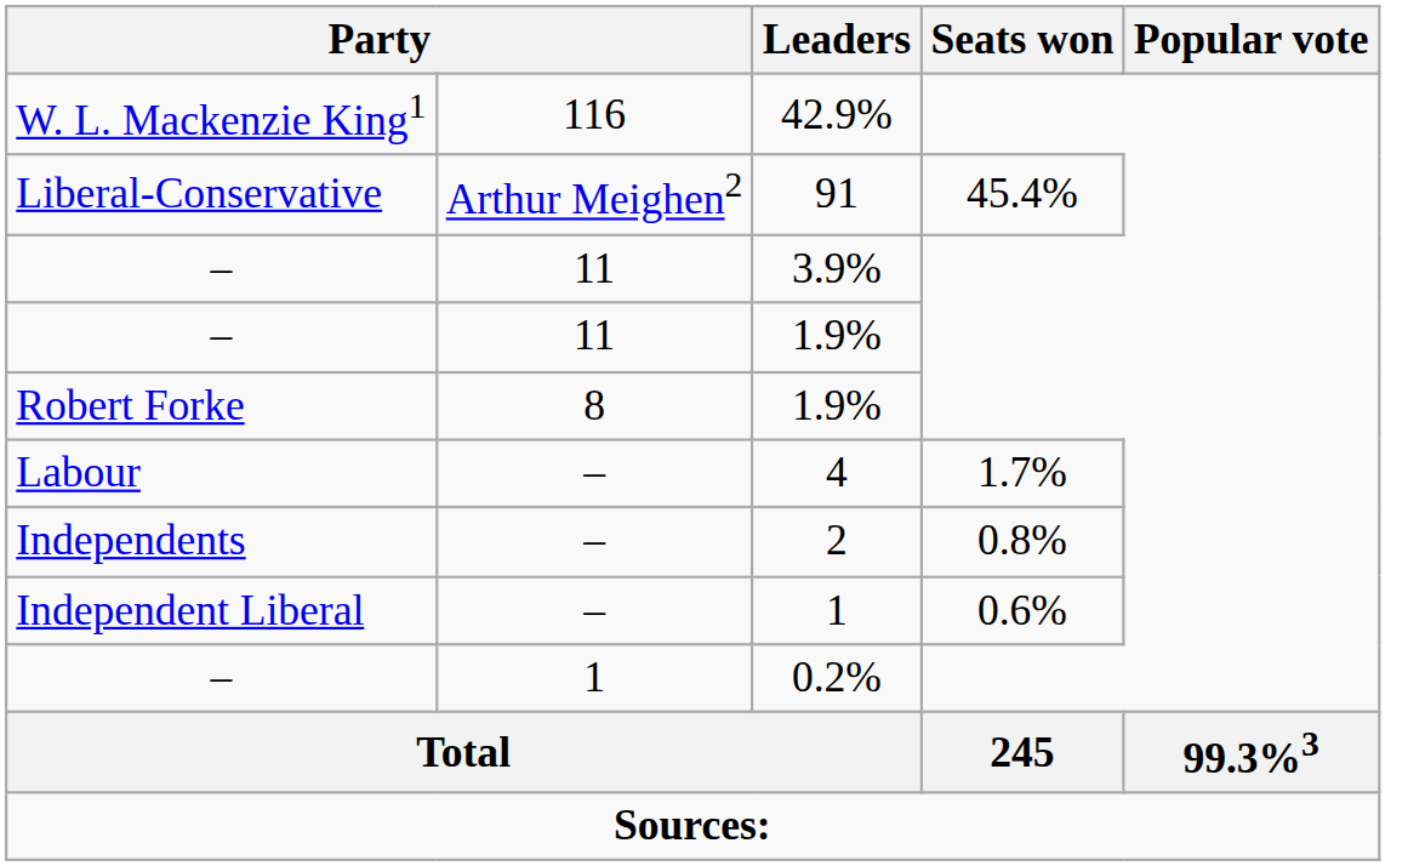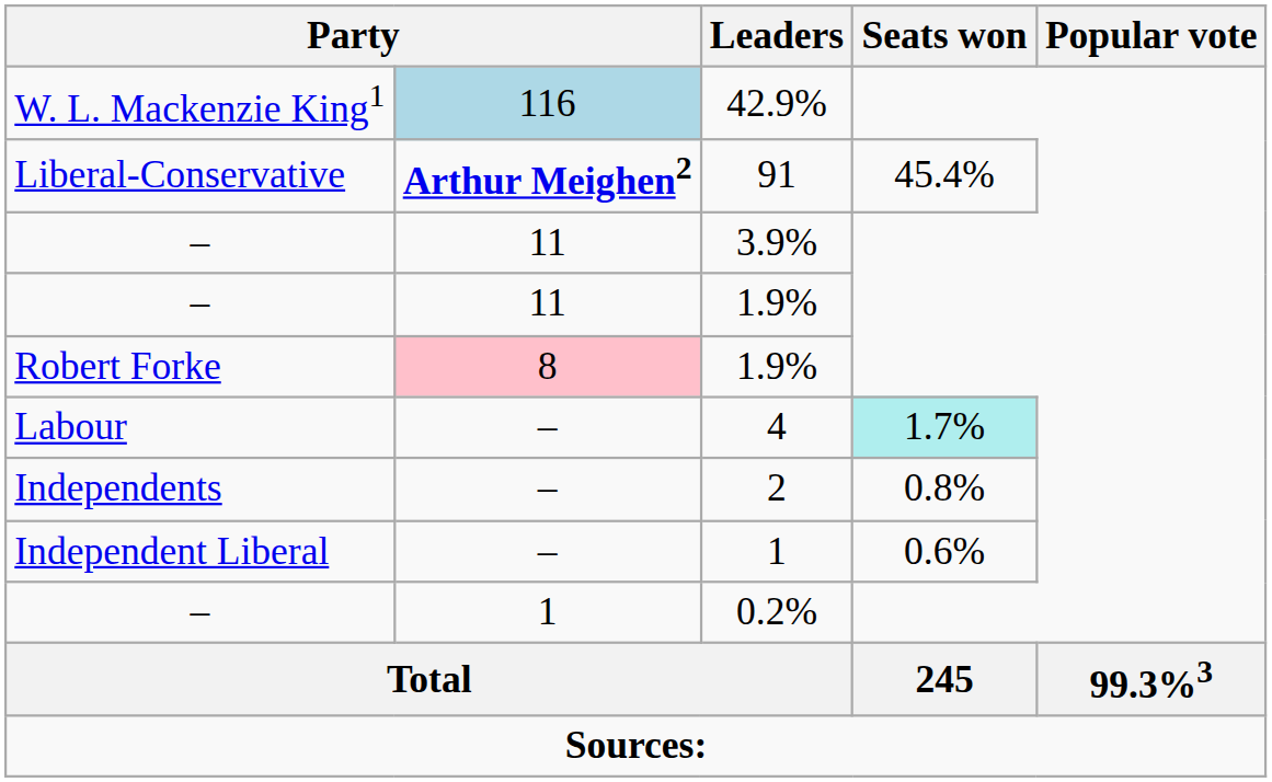 <table class="wikitable">
 <tr>
 <th colspan="2">Party</th>
 <th>Leaders</th>
 <th>Seats won</th>
 <th>Popular vote</th>
 </tr>
 <tr>
 <td><a href='#'>W. L. Mackenzie King</a><sup>1</sup></td>
-<td align=center>116</td>
+<td align=center style="background: lightblue;">116</td>
 <td align=center>42.9%</td>
 </tr>
 <tr>
 <td><a href='#'>Liberal-Conservative</a></td>
-<td><a href='#'>Arthur Meighen</a><sup>2</sup></td>
+<td><strong><a href='#'>Arthur Meighen</a><sup>2</sup></strong></td>
 <td align=center>91</td>
 <td align=center>45.4%</td>
 </tr>
 <tr>
 <td align=center>–</td>
 <td align=center>11</td>
 <td align=center>3.9%</td>
 </tr>
 <tr>
 <td align=center>–</td>
 <td align=center>11</td>
 <td align=center>1.9%</td>
 </tr>
 <tr>
 <td><a href='#'>Robert Forke</a></td>
-<td align=center>8</td>
+<td align=center style="background: pink;">8</td>
 <td align=center>1.9%</td>
 </tr>
 <tr>
 <td><a href='#'>Labour</a></td>
 <td align=center>–</td>
 <td align=center>4</td>
-<td align=center>1.7%</td>
+<td align=center style="background: paleturquoise;">1.7%</td>
 </tr>
 <tr>
 <td><a href='#'>Independents</a></td>
 <td align=center>–</td>
 <td align=center>2</td>
 <td align=center>0.8%</td>
 </tr>
 <tr>
 <td><a href='#'>Independent Liberal</a></td>
 <td align=center>–</td>
 <td align=center>1</td>
 <td align=center>0.6%</td>
 </tr>
 <tr>
 <td align=center>–</td>
 <td align=center>1</td>
 <td align=center>0.2%</td>
 </tr>
 <tr>
 <th colspan=3 align=left>Total</th>
 <th align=center>245</th>
 <th align=center>99.3%<sup>3</sup></th>
 </tr>
 <tr>
 <td align="center" colspan=5><strong>Sources:</strong> </td>
 </tr>
 </table>
